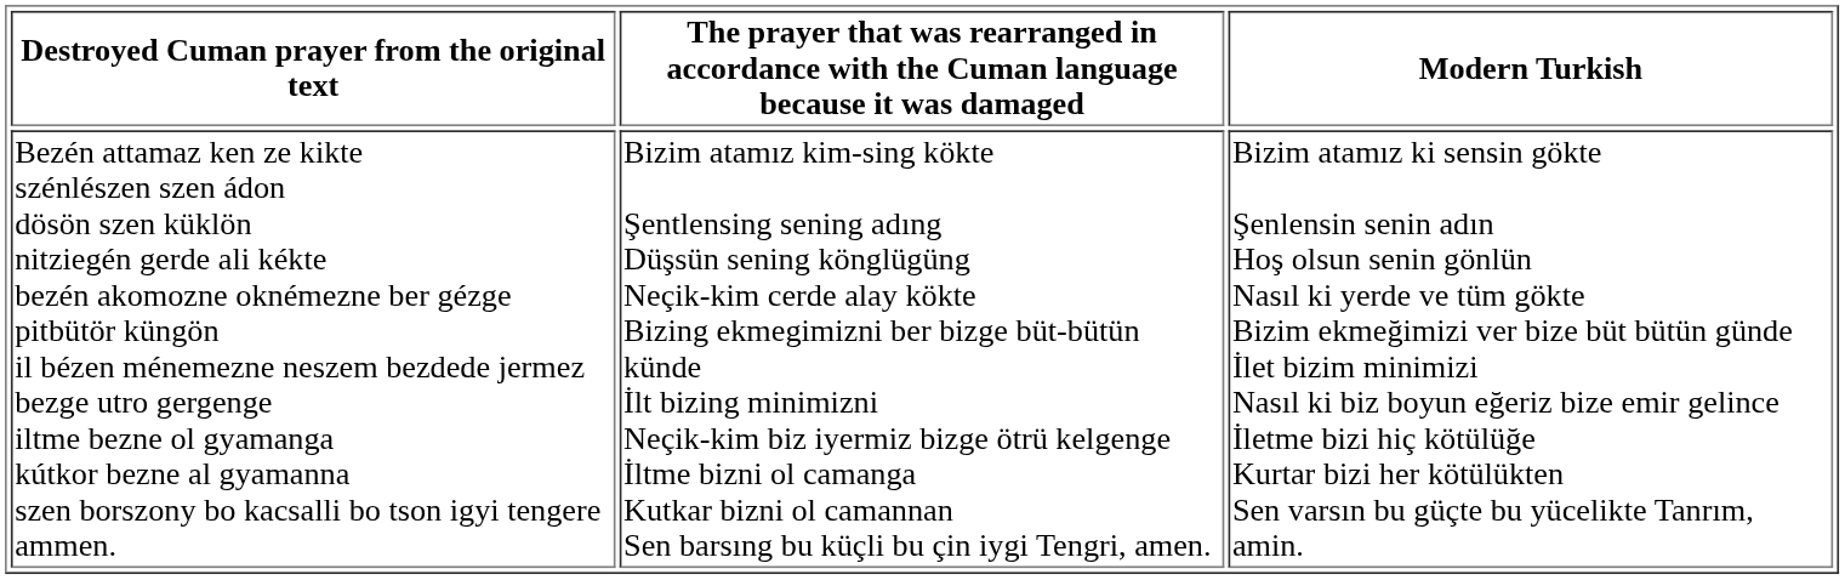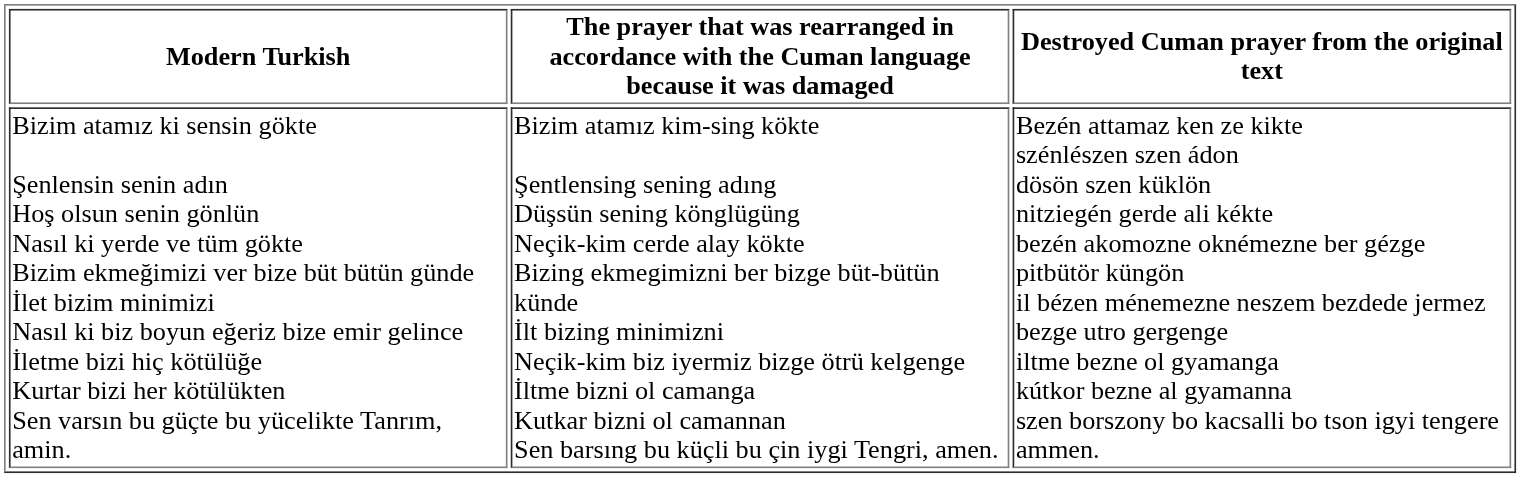 <table border="1" cellpadding="1">
 <tr>
+<th scope="col" style="width:300px;">Modern Turkish</th>
+<th scope="col" style="width:300px;">The prayer that was rearranged in accordance with the Cuman language because it was damaged</th>
 <th scope="col" style="width:300px;">Destroyed Cuman prayer from the original text</th>
-<th scope="col" style="width:300px;">The prayer that was rearranged in accordance with the Cuman language because it was damaged</th>
-<th scope="col" style="width:300px;">Modern Turkish</th>
 </tr>
 <tr>
+<td>Bizim atamız ki sensin gökte<br><br>Şenlensin senin adın<br> Hoş olsun senin gönlün<br> Nasıl ki yerde ve tüm gökte<br> Bizim ekmeğimizi ver bize büt bütün günde<br> İlet bizim minimizi<br> Nasıl ki biz boyun eğeriz bize emir gelince<br> İletme bizi hiç kötülüğe<br> Kurtar bizi her kötülükten<br> Sen varsın bu güçte bu yücelikte Tanrım, amin.</td>
+<td>Bizim atamız kim-sing kökte<br><br>Şentlensing sening adıng<br> Düşsün sening könglügüng<br> Neçik-kim cerde alay kökte<br> Bizing ekmegimizni ber bizge büt-bütün künde<br> İlt bizing minimizni<br> Neçik-kim biz iyermiz bizge ötrü kelgenge<br> İltme bizni ol camanga<br> Kutkar bizni ol camannan<br> Sen barsıng bu küçli bu çin iygi Tengri, amen.</td>
 <td>Bezén attamaz ken ze kikte<br>szénlészen szen ádon<br>dösön szen küklön<br>nitziegén gerde ali kékte<br>bezén akomozne oknémezne ber gézge pitbütör küngön<br>il bézen ménemezne neszem bezdede jermez bezge utro gergenge<br>iltme bezne ol gyamanga<br>kútkor bezne al gyamanna<br>szen borszony bo kacsalli bo tson igyi tengere<br>ammen.</td>
-<td>Bizim atamız kim-sing kökte<br><br>Şentlensing sening adıng<br> Düşsün sening könglügüng<br> Neçik-kim cerde alay kökte<br> Bizing ekmegimizni ber bizge büt-bütün künde<br> İlt bizing minimizni<br> Neçik-kim biz iyermiz bizge ötrü kelgenge<br> İltme bizni ol camanga<br> Kutkar bizni ol camannan<br> Sen barsıng bu küçli bu çin iygi Tengri, amen.</td>
-<td>Bizim atamız ki sensin gökte<br><br>Şenlensin senin adın<br> Hoş olsun senin gönlün<br> Nasıl ki yerde ve tüm gökte<br> Bizim ekmeğimizi ver bize büt bütün günde<br> İlet bizim minimizi<br> Nasıl ki biz boyun eğeriz bize emir gelince<br> İletme bizi hiç kötülüğe<br> Kurtar bizi her kötülükten<br> Sen varsın bu güçte bu yücelikte Tanrım, amin.</td>
 </tr>
 </table>
